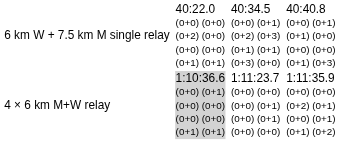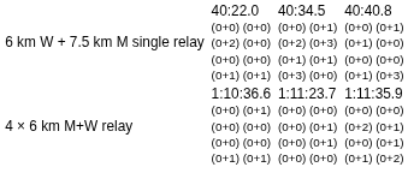 <table>
 <tr>
 <td>6 km W + 7.5 km M single relay<br><em></em></td>
 <td></td>
 <td>40:22.0<br><small>(0+0) (0+0)<br>(0+2) (0+0)<br>(0+0) (0+0)<br>(0+1) (0+1)</small></td>
 <td></td>
 <td>40:34.5<br><small>(0+0) (0+1)<br>(0+2) (0+3)<br>(0+1) (0+1)<br>(0+3) (0+0)</small></td>
 <td></td>
 <td>40:40.8<br><small>(0+0) (0+1)<br>(0+1) (0+0)<br>(0+0) (0+0)<br>(0+1) (0+3)</small></td>
 </tr>
 <tr>
 <td>4 × 6 km M+W relay<br><em></em></td>
 <td></td>
-<td style="background: lightgrey;">1:10:36.6<br><small>(0+0) (0+1)<br>(0+0) (0+0)<br>(0+0) (0+0)<br>(0+1) (0+1)</small></td>
+<td>1:10:36.6<br><small>(0+0) (0+1)<br>(0+0) (0+0)<br>(0+0) (0+0)<br>(0+1) (0+1)</small></td>
 <td></td>
 <td>1:11:23.7<br><small>(0+0) (0+0)<br>(0+0) (0+1)<br>(0+0) (0+1)<br>(0+0) (0+0)</small></td>
 <td></td>
 <td>1:11:35.9<br><small>(0+0) (0+0)<br>(0+2) (0+1)<br>(0+0) (0+1)<br>(0+1) (0+2)</small></td>
 </tr>
 </table>
